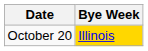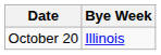 <table class="wikitable" style="font-size:95%;">
 <tr>
 <th>Date</th>
 <th>Bye Week</th>
 </tr>
 <tr>
 <td>October 20</td>
-<td style="background: gold;"><a href='#'>Illinois</a></td>
+<td><a href='#'>Illinois</a></td>
 </tr>
 </table>
